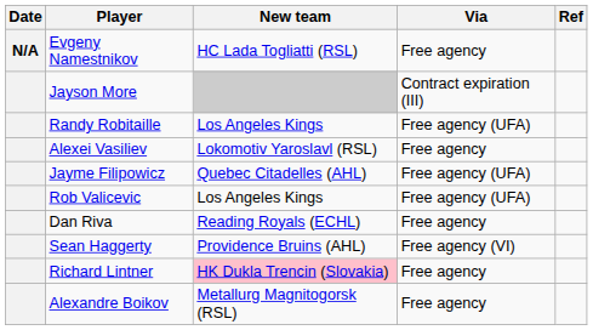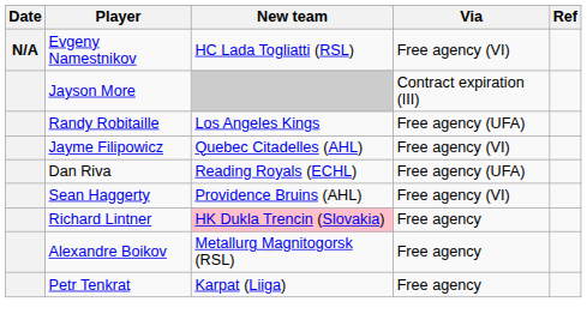 <table class="wikitable plainrowheaders">
 <tr style="background:#ddd; text-align:center;">
 <th>Date</th>
 <th>Player</th>
 <th>New team</th>
 <th>Via</th>
 <th>Ref</th>
 </tr>
 <tr>
 <th scope="row">N/A</th>
 <td><a href='#'>Evgeny Namestnikov</a></td>
 <td><a href='#'>HC Lada Togliatti</a> (<a href='#'>RSL</a>)</td>
-<td>Free agency</td>
+<td>Free agency (VI)</td>
 <td></td>
 </tr>
 <tr>
 <th scope="row"></th>
 <td><a href='#'>Jayson More</a></td>
 <td style="background:#ccc"></td>
 <td>Contract expiration (III)</td>
 <td></td>
 </tr>
 <tr>
 <th scope="row"></th>
 <td><a href='#'>Randy Robitaille</a></td>
 <td><a href='#'>Los Angeles Kings</a></td>
 <td>Free agency (UFA)</td>
 <td></td>
 </tr>
 <tr>
 <th scope="row"></th>
-<td><a href='#'>Alexei Vasiliev</a></td>
-<td><a href='#'>Lokomotiv Yaroslavl</a> (RSL)</td>
-<td>Free agency</td>
-<td></td>
-</tr>
-<tr>
-<th scope="row"></th>
 <td><a href='#'>Jayme Filipowicz</a></td>
 <td><a href='#'>Quebec Citadelles</a> (<a href='#'>AHL</a>)</td>
-<td>Free agency (UFA)</td>
-<td></td>
-</tr>
-<tr>
-<th scope="row"></th>
-<td><a href='#'>Rob Valicevic</a></td>
-<td>Los Angeles Kings</td>
-<td>Free agency (UFA)</td>
+<td>Free agency (VI)</td>
 <td></td>
 </tr>
 <tr>
 <th scope="row"></th>
 <td>Dan Riva</td>
 <td><a href='#'>Reading Royals</a> (<a href='#'>ECHL</a>)</td>
-<td>Free agency</td>
+<td>Free agency (UFA)</td>
 <td></td>
 </tr>
 <tr>
 <th scope="row"></th>
 <td><a href='#'>Sean Haggerty</a></td>
 <td><a href='#'>Providence Bruins</a> (AHL)</td>
 <td>Free agency (VI)</td>
 <td></td>
 </tr>
 <tr>
 <th scope="row"></th>
 <td><a href='#'>Richard Lintner</a></td>
 <td style="background: pink;"><a href='#'>HK Dukla Trencin</a> (<a href='#'>Slovakia</a>)</td>
 <td>Free agency</td>
 <td></td>
 </tr>
 <tr>
 <th scope="row"></th>
 <td><a href='#'>Alexandre Boikov</a></td>
 <td><a href='#'>Metallurg Magnitogorsk</a> (RSL)</td>
 <td>Free agency</td>
 <td></td>
 </tr>
+<tr>
+<th scope="row"></th>
+<td><a href='#'>Petr Tenkrat</a></td>
+<td><a href='#'>Karpat</a> (<a href='#'>Liiga</a>)</td>
+<td>Free agency</td>
+<td></td>
+</tr>
 </table>
